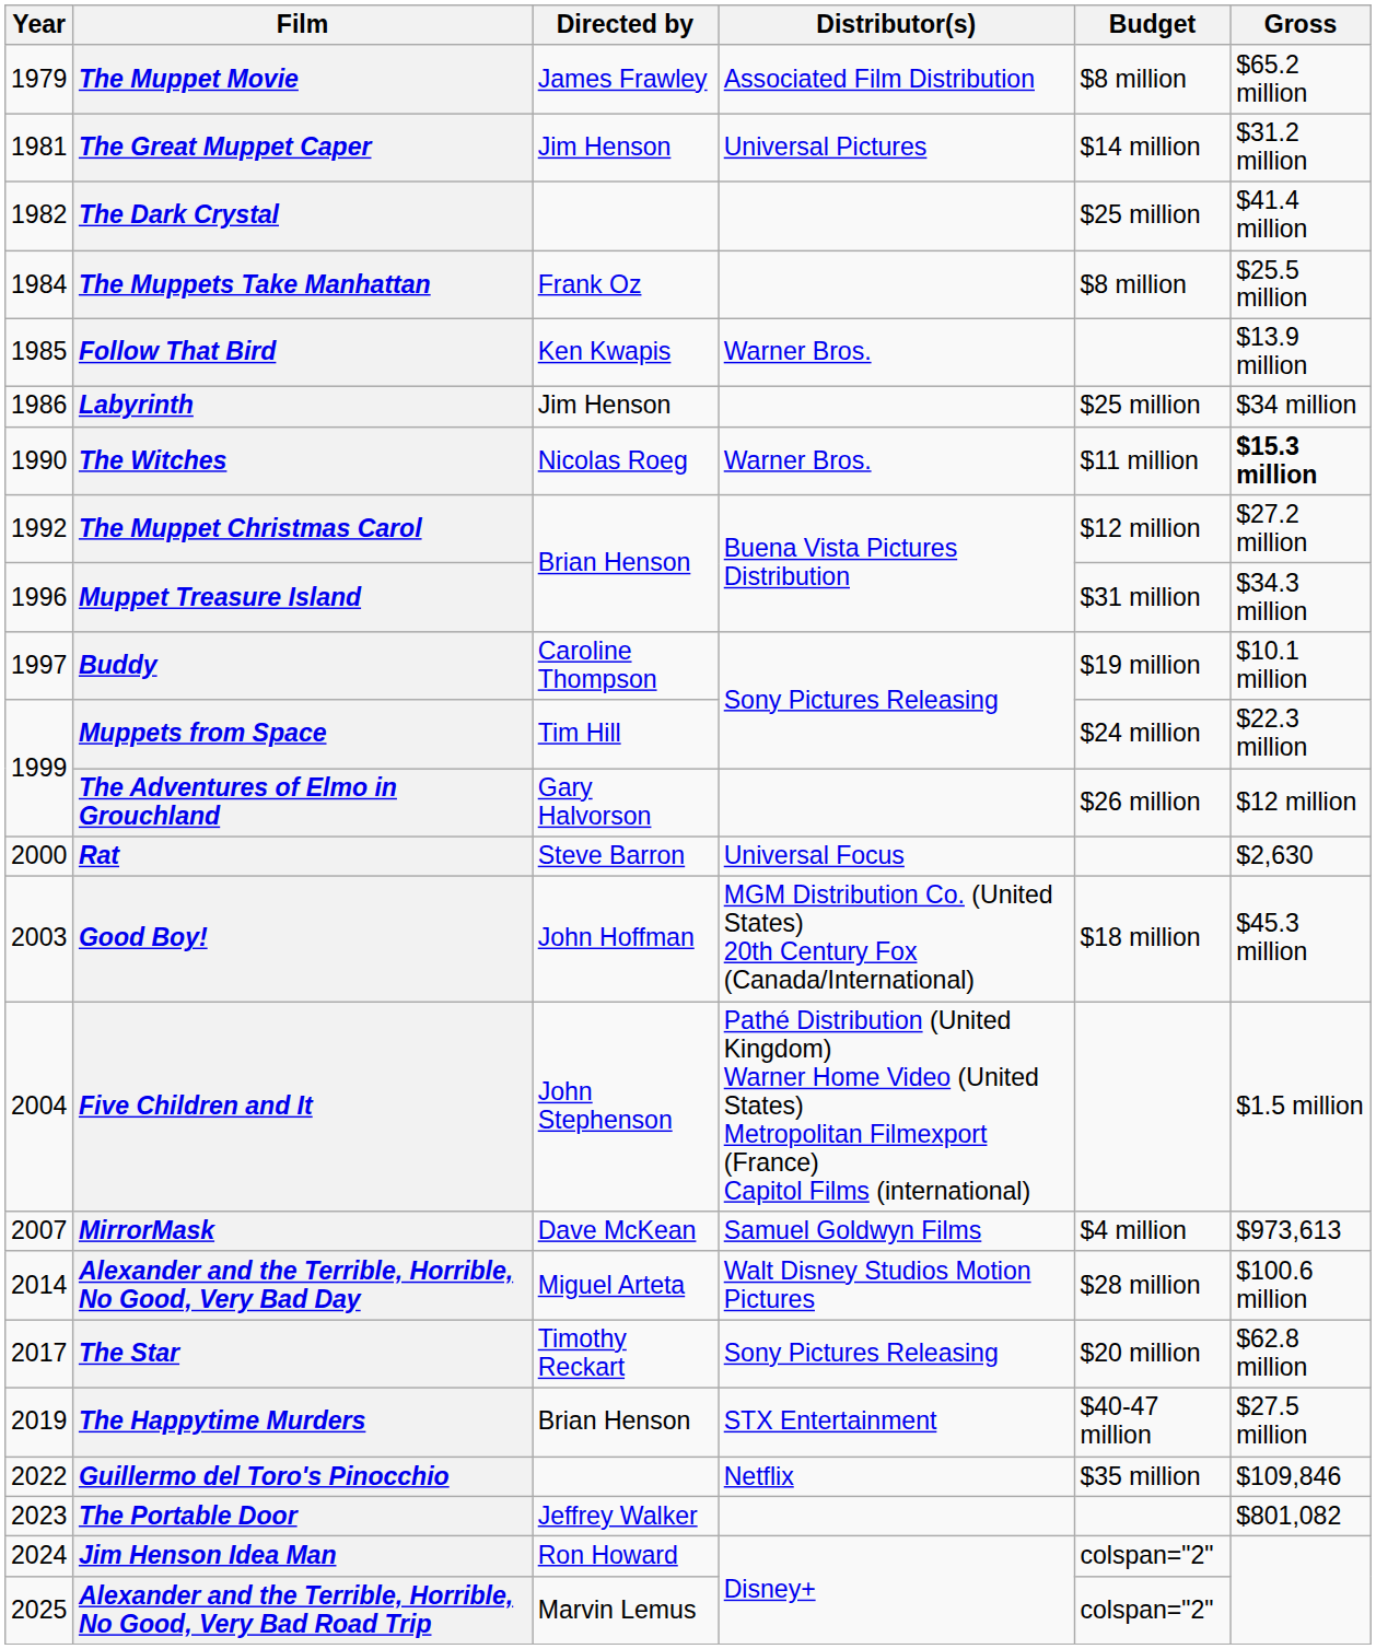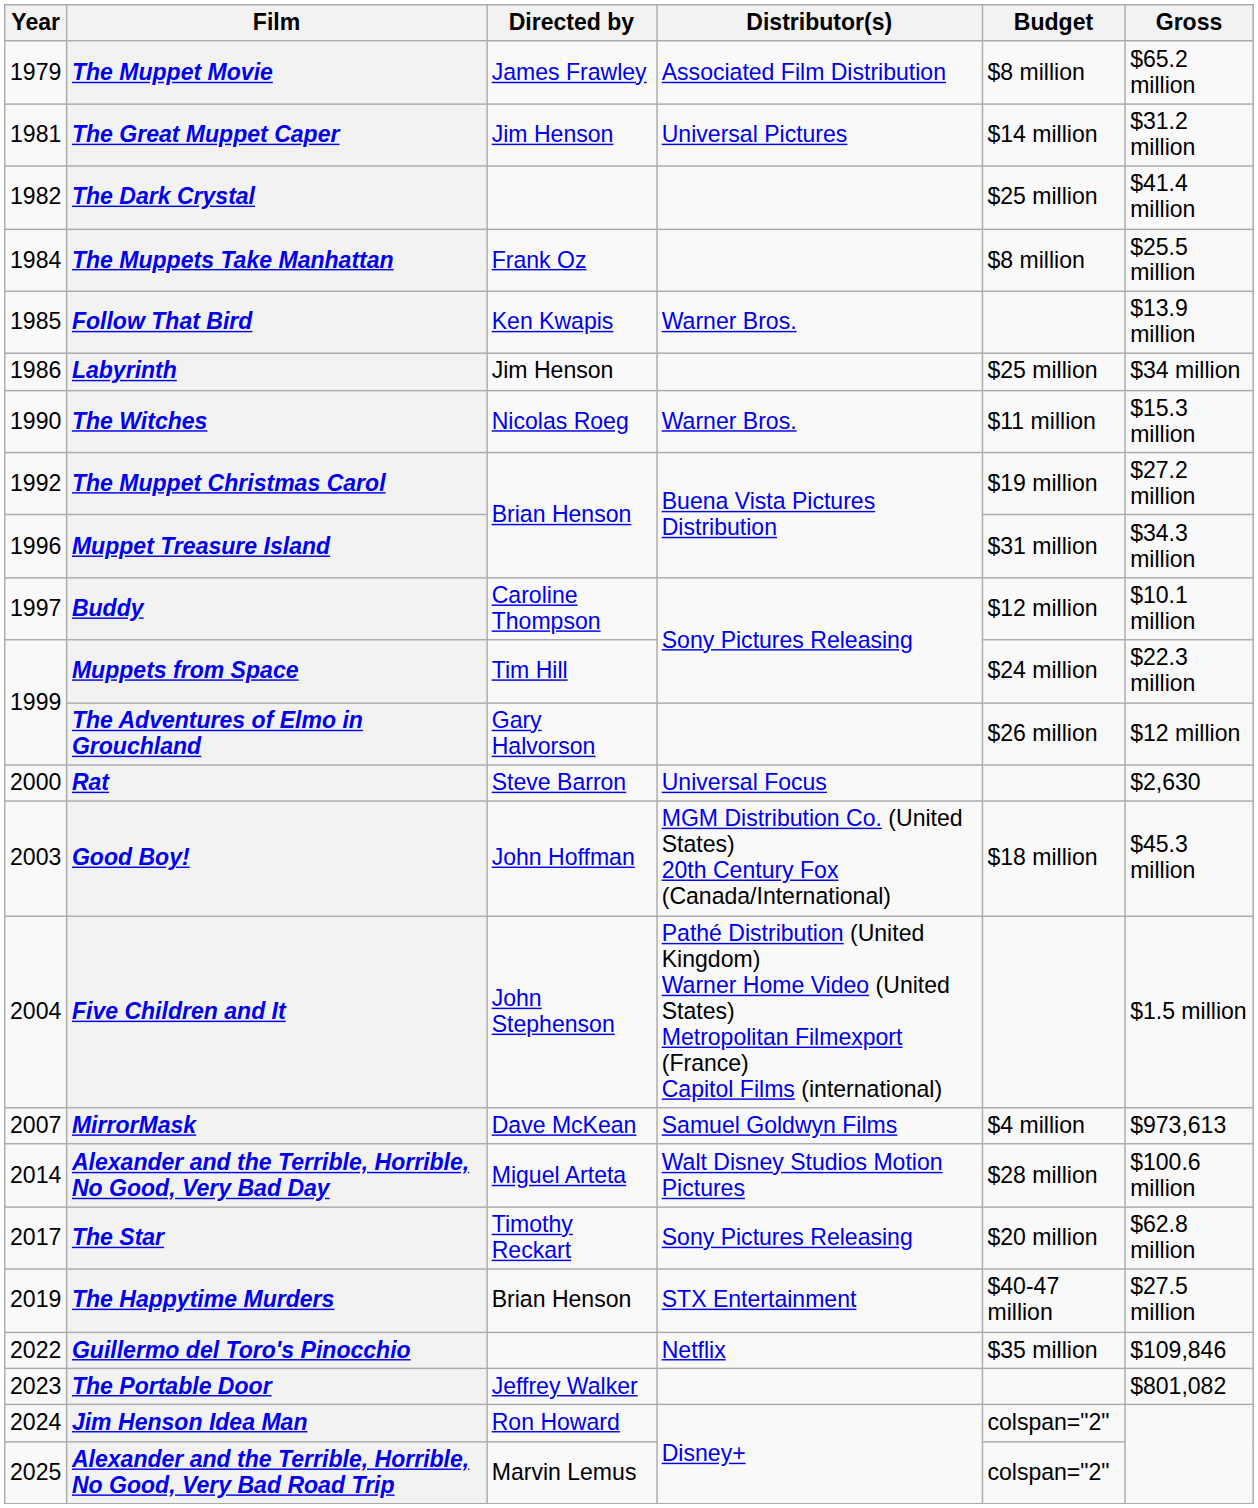 <table class="wikitable sortable">
 <tr>
 <th>Year</th>
 <th>Film</th>
 <th>Directed by</th>
 <th>Distributor(s)</th>
 <th data-sort-type="currency">Budget</th>
 <th data-sort-type="currency">Gross</th>
 </tr>
 <tr>
 <td style="text-align:left">1979</td>
 <th scope="row" style="text-align:left"><em><a href='#'>The Muppet Movie</a></em></th>
 <td><a href='#'>James Frawley</a></td>
 <td><a href='#'>Associated Film Distribution</a></td>
 <td data-sort-value="$8 million">$8 million</td>
 <td>$65.2 million</td>
 </tr>
 <tr>
 <td style="text-align:left">1981</td>
 <th scope="row" style="text-align:left"><em><a href='#'>The Great Muppet Caper</a></em></th>
 <td><a href='#'>Jim Henson</a></td>
 <td><a href='#'>Universal Pictures</a></td>
 <td data-sort-value="$14 million">$14 million</td>
 <td>$31.2 million</td>
 </tr>
 <tr>
 <td style="text-align:left">1982</td>
 <th scope="row" style="text-align:left"><em><a href='#'>The Dark Crystal</a></em></th>
 <td></td>
 <td></td>
 <td data-sort-value="$25 million">$25 million</td>
 <td>$41.4 million</td>
 </tr>
 <tr>
 <td style="text-align:left">1984</td>
 <th scope="row" style="text-align:left"><em><a href='#'>The Muppets Take Manhattan</a></em></th>
 <td><a href='#'>Frank Oz</a></td>
 <td></td>
 <td data-sort-value="$8 million">$8 million</td>
 <td>$25.5 million</td>
 </tr>
 <tr>
 <td style="text-align:left">1985</td>
 <th scope="row" style="text-align:left"><em><a href='#'>Follow That Bird</a></em></th>
 <td><a href='#'>Ken Kwapis</a></td>
 <td><a href='#'>Warner Bros.</a></td>
 <td></td>
 <td>$13.9 million</td>
 </tr>
 <tr>
 <td style="text-align:left">1986</td>
 <th scope="row" style="text-align:left"><em><a href='#'>Labyrinth</a></em></th>
 <td>Jim Henson</td>
 <td></td>
 <td data-sort-value="$25 million">$25 million</td>
 <td>$34 million</td>
 </tr>
 <tr>
 <td style="text-align:left">1990</td>
 <th scope="row" style="text-align:left"><em><a href='#'>The Witches</a></em></th>
 <td><a href='#'>Nicolas Roeg</a></td>
 <td><a href='#'>Warner Bros.</a></td>
 <td data-sort-value="$11 million">$11 million</td>
-<td><strong>$15.3 million</strong></td>
+<td>$15.3 million</td>
 </tr>
 <tr>
 <td style="text-align:left">1992</td>
 <th scope="row" style="text-align:left"><em><a href='#'>The Muppet Christmas Carol</a></em></th>
 <td rowspan="2"><a href='#'>Brian Henson</a></td>
 <td rowspan="2"><a href='#'>Buena Vista Pictures Distribution</a></td>
-<td data-sort-value="$12 million">$12 million</td>
+<td data-sort-value="$19 million">$19 million</td>
 <td>$27.2 million</td>
 </tr>
 <tr>
 <td style="text-align:left">1996</td>
 <th scope="row" style="text-align:left"><em><a href='#'>Muppet Treasure Island</a></em></th>
 <td data-sort-value="$31 million">$31 million</td>
 <td>$34.3 million</td>
 </tr>
 <tr>
 <td style="text-align:left">1997</td>
 <th scope="row" style="text-align:left"><em><a href='#'>Buddy</a></em></th>
 <td><a href='#'>Caroline Thompson</a></td>
 <td rowspan="2"><a href='#'>Sony Pictures Releasing</a></td>
-<td data-sort-value="$19 million">$19 million</td>
+<td data-sort-value="$12 million">$12 million</td>
 <td>$10.1 million</td>
 </tr>
 <tr>
 <td style="text-align:left" rowspan="2">1999</td>
 <th scope="row" style="text-align:left"><em><a href='#'>Muppets from Space</a></em></th>
 <td><a href='#'>Tim Hill</a></td>
 <td data-sort-value="$24 million">$24 million</td>
 <td>$22.3 million</td>
 </tr>
 <tr>
 <th scope="row" style="text-align:left"><em><a href='#'>The Adventures of Elmo in Grouchland</a></em></th>
 <td><a href='#'>Gary Halvorson</a></td>
 <td></td>
 <td data-sort-value="$26 million">$26 million</td>
 <td>$12 million</td>
 </tr>
 <tr>
 <td style="text-align:left">2000</td>
 <th scope="row" style="text-align:left"><em><a href='#'>Rat</a></em></th>
 <td><a href='#'>Steve Barron</a></td>
 <td><a href='#'>Universal Focus</a></td>
 <td></td>
 <td>$2,630</td>
 </tr>
 <tr>
 <td style="text-align:left">2003</td>
 <th scope="row" style="text-align:left"><em><a href='#'>Good Boy!</a></em></th>
 <td><a href='#'>John Hoffman</a></td>
 <td><a href='#'>MGM Distribution Co.</a> (United States)<br><a href='#'>20th Century Fox</a> (Canada/International)</td>
 <td data-sort-value="$18 million">$18 million</td>
 <td>$45.3 million</td>
 </tr>
 <tr>
 <td style="text-align:left">2004</td>
 <th scope="row" style="text-align:left"><em><a href='#'>Five Children and It</a></em></th>
 <td><a href='#'>John Stephenson</a></td>
 <td><a href='#'>Pathé Distribution</a> (United Kingdom)<br><a href='#'>Warner Home Video</a> (United States)<br><a href='#'>Metropolitan Filmexport</a> (France)<br><a href='#'>Capitol Films</a> (international)</td>
 <td></td>
 <td>$1.5 million</td>
 </tr>
 <tr>
 <td style="text-align:left">2007</td>
 <th scope="row" style="text-align:left"><em><a href='#'>MirrorMask</a></em></th>
 <td><a href='#'>Dave McKean</a></td>
 <td><a href='#'>Samuel Goldwyn Films</a></td>
 <td data-sort-value="$4 million">$4 million</td>
 <td>$973,613</td>
 </tr>
 <tr>
 <td style="text-align:left">2014</td>
 <th scope="row" style="text-align:left"><em><a href='#'>Alexander and the Terrible, Horrible, No Good, Very Bad Day</a></em></th>
 <td><a href='#'>Miguel Arteta</a></td>
 <td><a href='#'>Walt Disney Studios Motion Pictures</a></td>
 <td data-sort-value="$28 million">$28 million</td>
 <td>$100.6 million</td>
 </tr>
 <tr>
 <td style="text-align:left">2017</td>
 <th scope="row" style="text-align:left"><em><a href='#'>The Star</a></em></th>
 <td><a href='#'>Timothy Reckart</a></td>
 <td><a href='#'>Sony Pictures Releasing</a></td>
 <td data-sort-value="$20 million">$20 million</td>
 <td>$62.8 million</td>
 </tr>
 <tr>
 <td style="text-align:left">2019</td>
 <th scope="row" style="text-align:left"><em><a href='#'>The Happytime Murders</a></em></th>
 <td>Brian Henson</td>
 <td><a href='#'>STX Entertainment</a></td>
 <td data-sort-value="$40-47 million">$40-47 million</td>
 <td>$27.5 million</td>
 </tr>
 <tr>
 <td style="text-align:left">2022</td>
 <th scope="row" style="text-align:left"><em><a href='#'>Guillermo del Toro's Pinocchio</a></em></th>
 <td></td>
 <td><a href='#'>Netflix</a></td>
 <td data-sort-value="$35 million">$35 million</td>
 <td>$109,846</td>
 </tr>
 <tr>
 <td style="text-align:left">2023</td>
 <th scope="row" style="text-align:left"><em><a href='#'>The Portable Door</a></em></th>
 <td><a href='#'>Jeffrey Walker</a></td>
 <td></td>
 <td></td>
 <td>$801,082</td>
 </tr>
 <tr>
 <td style="text-align:left">2024</td>
 <th scope="row" style="text-align:left"><em><a href='#'>Jim Henson Idea Man</a></em></th>
 <td><a href='#'>Ron Howard</a></td>
 <td rowspan="2"><a href='#'>Disney+</a></td>
 <td>colspan="2" </td>
 </tr>
 <tr>
 <td style="text-align:left">2025</td>
 <th scope="row" style="text-align:left"><em><a href='#'>Alexander and the Terrible, Horrible, No Good, Very Bad Road Trip</a></em></th>
 <td>Marvin Lemus</td>
 <td>colspan="2" </td>
 </tr>
 <tr>
 </tr>
 </table>
